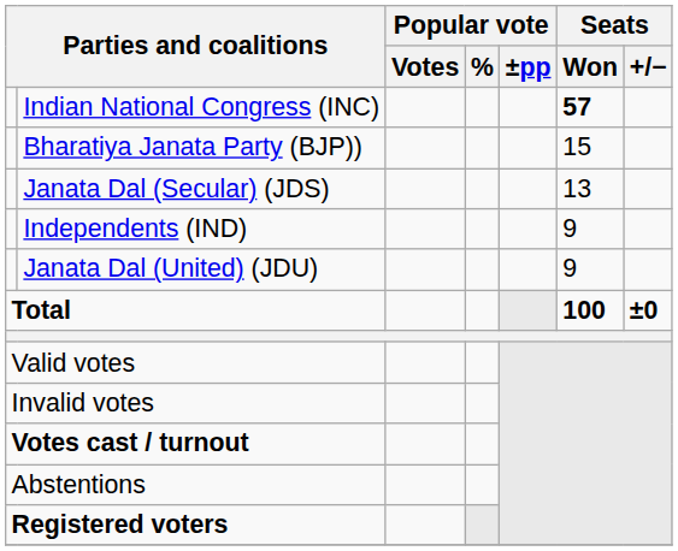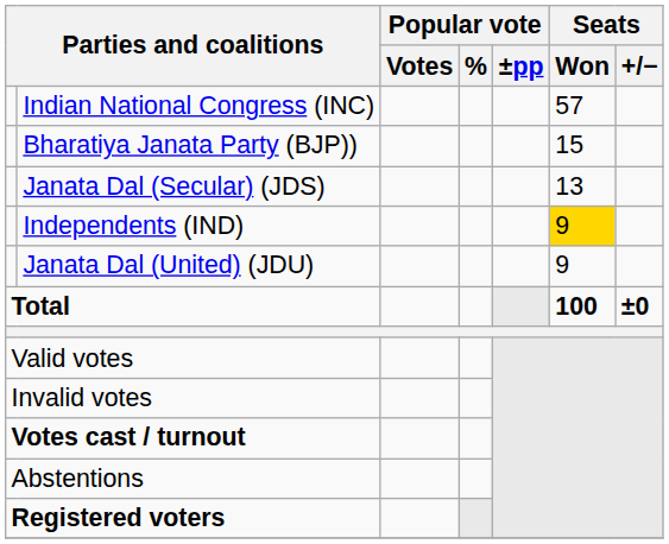 <table class="wikitable">
 <tr>
 <th colspan="2" rowspan="2">Parties and coalitions</th>
 <th colspan="3">Popular vote</th>
 <th colspan="2">Seats</th>
 </tr>
 <tr>
 <th>Votes</th>
 <th>%</th>
 <th>±<a href='#'>pp</a></th>
 <th>Won</th>
 <th>+/−</th>
 </tr>
 <tr>
 <td></td>
 <td><a href='#'>Indian National Congress</a> (INC)</td>
 <td></td>
 <td></td>
 <td></td>
-<td><strong>57</strong></td>
+<td>57</td>
 <td></td>
 </tr>
 <tr>
 <td></td>
 <td><a href='#'>Bharatiya Janata Party</a> (BJP))</td>
 <td></td>
 <td></td>
 <td></td>
 <td>15</td>
 <td></td>
 </tr>
 <tr>
 <td></td>
 <td><a href='#'>Janata Dal (Secular)</a> (JDS)</td>
 <td></td>
 <td></td>
 <td></td>
 <td>13</td>
 <td></td>
 </tr>
 <tr>
 <td></td>
 <td><a href='#'>Independents</a> (IND)</td>
 <td></td>
 <td></td>
 <td></td>
-<td>9</td>
+<td style="background: gold;">9</td>
 <td></td>
 </tr>
 <tr>
 <td></td>
 <td><a href='#'>Janata Dal (United)</a> (JDU)</td>
 <td></td>
 <td></td>
 <td></td>
 <td>9</td>
 <td></td>
 </tr>
 <tr style="font-weight:bold;">
 <td align="left" colspan="2">Total</td>
 <td></td>
 <td></td>
 <td bgcolor="#E9E9E9"></td>
 <td>100</td>
 <td>±0</td>
 </tr>
 <tr>
 <th colspan="9"></th>
 </tr>
 <tr>
 <td style="text-align:left;" colspan="2">Valid votes</td>
 <td align="right"></td>
 <td align="right"></td>
 <td colspan="4" rowspan="5" style="background-color:#E9E9E9"></td>
 </tr>
 <tr>
 <td style="text-align:left;" colspan="2">Invalid votes</td>
 <td align="right"></td>
 <td align="right"></td>
 </tr>
 <tr>
 <td style="text-align:left;" colspan="2"><strong>Votes cast / turnout</strong></td>
 <td align="right"></td>
 <td align="right"></td>
 </tr>
 <tr>
 <td style="text-align:left;" colspan="2">Abstentions</td>
 <td align="right"></td>
 <td align="right"></td>
 </tr>
 <tr>
 <td style="text-align:left;" colspan="2"><strong>Registered voters</strong></td>
 <td align="right"></td>
 <td colspan="1" style="background-color:#E9E9E9"></td>
 </tr>
 <tr>
 </tr>
 </table>
